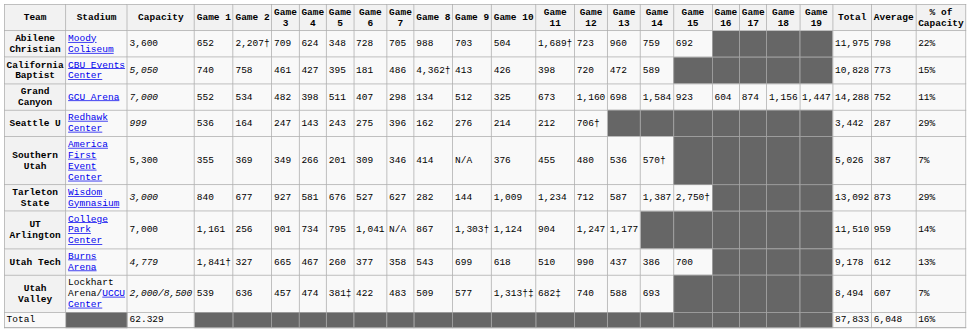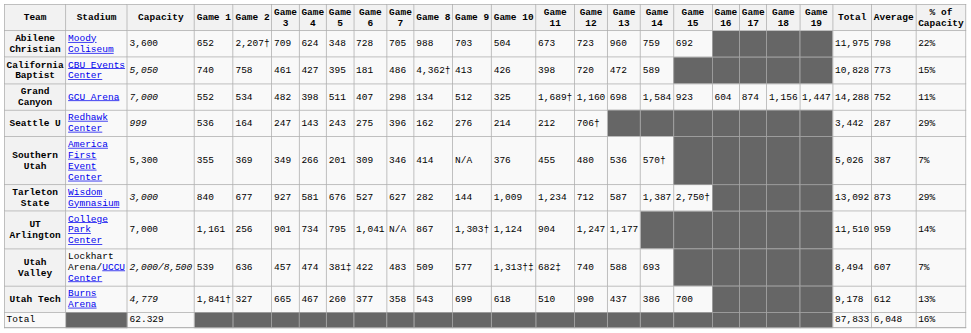 <table class="wikitable">
 <tr>
 <th>Team</th>
 <th>Stadium</th>
 <th>Capacity</th>
 <th>Game 1</th>
 <th>Game 2</th>
 <th>Game 3</th>
 <th>Game 4</th>
 <th>Game 5</th>
 <th>Game 6</th>
 <th>Game 7</th>
 <th>Game 8</th>
 <th>Game 9</th>
 <th>Game 10</th>
 <th>Game 11</th>
 <th>Game 12</th>
 <th>Game 13</th>
 <th>Game 14</th>
 <th>Game 15</th>
 <th>Game 16</th>
 <th>Game 17</th>
 <th>Game 18</th>
 <th>Game 19</th>
 <th>Total</th>
 <th>Average</th>
 <th>% of Capacity</th>
 </tr>
 <tr>
 <th style=>Abilene Christian</th>
 <td><a href='#'>Moody Coliseum</a></td>
 <td>3,600</td>
 <td>652</td>
 <td>2,207†</td>
 <td>709</td>
 <td>624</td>
 <td>348</td>
 <td>728</td>
 <td>705</td>
 <td>988</td>
 <td>703</td>
 <td>504</td>
-<td>1,689†</td>
+<td>673</td>
 <td>723</td>
 <td>960</td>
 <td>759</td>
 <td>692</td>
 <td style="background:#666666;"></td>
 <td style="background:#666666;"></td>
 <td style="background:#666666;"></td>
 <td style="background:#666666;"></td>
 <td>11,975</td>
 <td>798</td>
 <td>22%</td>
 </tr>
 <tr>
 <th style=>California Baptist</th>
 <td><a href='#'>CBU Events Center</a></td>
 <td><em>5,050</em></td>
 <td>740</td>
 <td>758</td>
 <td>461</td>
 <td>427</td>
 <td>395</td>
 <td>181</td>
 <td>486</td>
 <td>4,362†</td>
 <td>413</td>
 <td>426</td>
 <td>398</td>
 <td>720</td>
 <td>472</td>
 <td>589</td>
 <td style="background:#666666;"></td>
 <td style="background:#666666;"></td>
 <td style="background:#666666;"></td>
 <td style="background:#666666;"></td>
 <td style="background:#666666;"></td>
 <td>10,828</td>
 <td>773</td>
 <td>15%</td>
 </tr>
 <tr>
 <th style=>Grand Canyon</th>
 <td><a href='#'>GCU Arena</a></td>
 <td><em>7,000</em></td>
 <td>552</td>
 <td>534</td>
 <td>482</td>
 <td>398</td>
 <td>511</td>
 <td>407</td>
 <td>298</td>
 <td>134</td>
 <td>512</td>
 <td>325</td>
-<td>673</td>
+<td>1,689†</td>
 <td>1,160</td>
 <td>698</td>
 <td>1,584</td>
 <td>923</td>
 <td>604</td>
 <td>874</td>
 <td>1,156</td>
 <td>1,447</td>
 <td>14,288</td>
 <td>752</td>
 <td>11%</td>
 </tr>
 <tr>
 <th>Seattle U</th>
 <td><a href='#'>Redhawk Center</a></td>
 <td><em>999</em></td>
 <td>536</td>
 <td>164</td>
 <td>247</td>
 <td>143</td>
 <td>243</td>
 <td>275</td>
 <td>396</td>
 <td>162</td>
 <td>276</td>
 <td>214</td>
 <td>212</td>
 <td>706†</td>
 <td style="background:#666666;"></td>
 <td style="background:#666666;"></td>
 <td style="background:#666666;"></td>
 <td style="background:#666666;"></td>
 <td style="background:#666666;"></td>
 <td style="background:#666666;"></td>
 <td style="background:#666666;"></td>
 <td>3,442</td>
 <td>287</td>
 <td>29%</td>
 </tr>
 <tr>
 <th>Southern Utah</th>
 <td><a href='#'>America First Event Center</a></td>
 <td>5,300</td>
 <td>355</td>
 <td>369</td>
 <td>349</td>
 <td>266</td>
 <td>201</td>
 <td>309</td>
 <td>346</td>
 <td>414</td>
 <td>N/A</td>
 <td>376</td>
 <td>455</td>
 <td>480</td>
 <td>536</td>
 <td>570†</td>
 <td style="background:#666666;"></td>
 <td style="background:#666666;"></td>
 <td style="background:#666666;"></td>
 <td style="background:#666666;"></td>
 <td style="background:#666666;"></td>
 <td>5,026</td>
 <td>387</td>
 <td>7%</td>
 </tr>
 <tr>
 <th>Tarleton State</th>
 <td><a href='#'>Wisdom Gymnasium</a></td>
 <td><em>3,000</em></td>
 <td>840</td>
 <td>677</td>
 <td>927</td>
 <td>581</td>
 <td>676</td>
 <td>527</td>
 <td>627</td>
 <td>282</td>
 <td>144</td>
 <td>1,009</td>
 <td>1,234</td>
 <td>712</td>
 <td>587</td>
 <td>1,387</td>
 <td>2,750†</td>
 <td style="background:#666666;"></td>
 <td style="background:#666666;"></td>
 <td style="background:#666666;"></td>
 <td style="background:#666666;"></td>
 <td>13,092</td>
 <td>873</td>
 <td>29%</td>
 </tr>
 <tr>
 <th>UT Arlington</th>
 <td><a href='#'>College Park Center</a></td>
 <td>7,000</td>
 <td>1,161</td>
 <td>256</td>
 <td>901</td>
 <td>734</td>
 <td>795</td>
 <td>1,041</td>
 <td>N/A</td>
 <td>867</td>
 <td>1,303†</td>
 <td>1,124</td>
 <td>904</td>
 <td>1,247</td>
 <td>1,177</td>
 <td style="background:#666666;"></td>
 <td style="background:#666666;"></td>
 <td style="background:#666666;"></td>
 <td style="background:#666666;"></td>
 <td style="background:#666666;"></td>
 <td style="background:#666666;"></td>
 <td>11,510</td>
 <td>959</td>
 <td>14%</td>
 </tr>
 <tr>
+<th>Utah Valley</th>
+<td>Lockhart Arena/<a href='#'>UCCU Center</a></td>
+<td><em>2,000/8,500</em></td>
+<td>539</td>
+<td>636</td>
+<td>457</td>
+<td>474</td>
+<td>381‡</td>
+<td>422</td>
+<td>483</td>
+<td>509</td>
+<td>577</td>
+<td>1,313†‡</td>
+<td>682‡</td>
+<td>740</td>
+<td>588</td>
+<td>693</td>
+<td style="background:#666666;"></td>
+<td style="background:#666666;"></td>
+<td style="background:#666666;"></td>
+<td style="background:#666666;"></td>
+<td style="background:#666666;"></td>
+<td>8,494</td>
+<td>607</td>
+<td>7%</td>
+</tr>
+<tr>
 <th>Utah Tech</th>
 <td><a href='#'>Burns Arena</a></td>
 <td><em>4,779</em></td>
 <td>1,841†</td>
 <td>327</td>
 <td>665</td>
 <td>467</td>
 <td>260</td>
 <td>377</td>
 <td>358</td>
 <td>543</td>
 <td>699</td>
 <td>618</td>
 <td>510</td>
 <td>990</td>
 <td>437</td>
 <td>386</td>
 <td>700</td>
 <td style="background:#666666;"></td>
 <td style="background:#666666;"></td>
 <td style="background:#666666;"></td>
 <td style="background:#666666;"></td>
 <td>9,178</td>
 <td>612</td>
 <td>13%</td>
-</tr>
-<tr>
-<th>Utah Valley</th>
-<td>Lockhart Arena/<a href='#'>UCCU Center</a></td>
-<td><em>2,000/8,500</em></td>
-<td>539</td>
-<td>636</td>
-<td>457</td>
-<td>474</td>
-<td>381‡</td>
-<td>422</td>
-<td>483</td>
-<td>509</td>
-<td>577</td>
-<td>1,313†‡</td>
-<td>682‡</td>
-<td>740</td>
-<td>588</td>
-<td>693</td>
-<td style="background:#666666;"></td>
-<td style="background:#666666;"></td>
-<td style="background:#666666;"></td>
-<td style="background:#666666;"></td>
-<td style="background:#666666;"></td>
-<td>8,494</td>
-<td>607</td>
-<td>7%</td>
 </tr>
 <tr>
 <td>Total</td>
 <td style="background:#666666;"></td>
 <td>62.329</td>
 <td style="background:#666666;"></td>
 <td style="background:#666666;"></td>
 <td style="background:#666666;"></td>
 <td style="background:#666666;"></td>
 <td style="background:#666666;"></td>
 <td style="background:#666666;"></td>
 <td style="background:#666666;"></td>
 <td style="background:#666666;"></td>
 <td style="background:#666666;"></td>
 <td style="background:#666666;"></td>
 <td style="background:#666666;"></td>
 <td style="background:#666666;"></td>
 <td style="background:#666666;"></td>
 <td style="background:#666666;"></td>
 <td style="background:#666666;"></td>
 <td style="background:#666666;"></td>
 <td style="background:#666666;"></td>
 <td style="background:#666666;"></td>
 <td style="background:#666666;"></td>
 <td>87,833</td>
 <td>6,048</td>
 <td>16%</td>
 </tr>
 <tr>
 </tr>
 </table>
